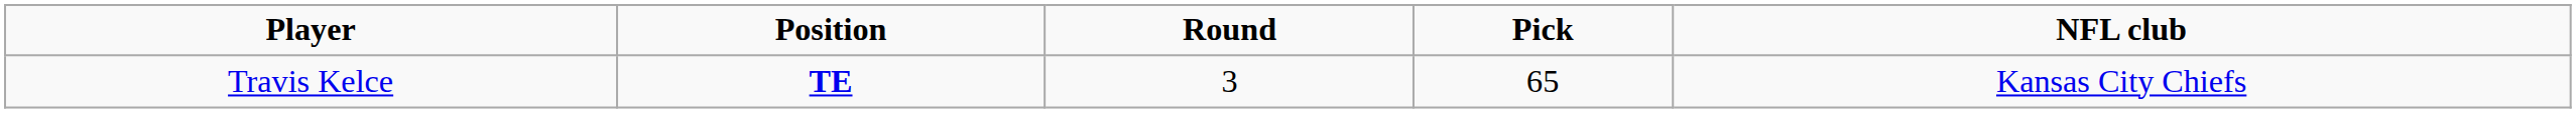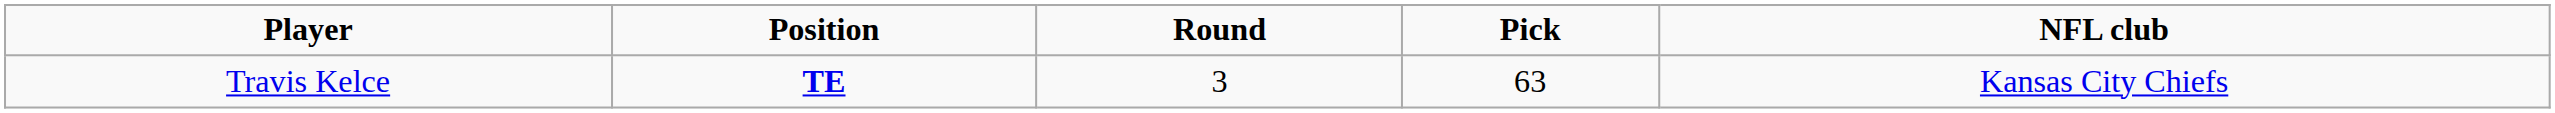 <table class="wikitable" width="80%">
 <tr align="center">
 <td><strong>Player</strong></td>
 <td><strong>Position</strong></td>
 <td><strong>Round</strong></td>
 <td><strong>Pick</strong></td>
 <td><strong>NFL club</strong></td>
 </tr>
 <tr align="center" bgcolor="">
 <td><a href='#'>Travis Kelce</a></td>
 <td><strong><a href='#'>TE</a></strong></td>
 <td>3</td>
-<td>65</td>
+<td>63</td>
 <td><a href='#'>Kansas City Chiefs</a></td>
 </tr>
 </table>
